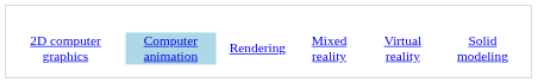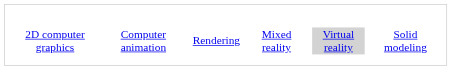 <table style="border:1px solid #ccc; text-align:center; margin:auto;" cellspacing="15">
 <tr>
 <td></td>
 <td></td>
 <td></td>
 <td></td>
 <td></td>
 <td></td>
 </tr>
 <tr>
 <td><a href='#'>2D computer graphics</a></td>
-<td style="background: lightblue;"><a href='#'>Computer animation</a></td>
+<td><a href='#'>Computer animation</a></td>
 <td><a href='#'>Rendering</a></td>
 <td><a href='#'>Mixed reality</a></td>
-<td><a href='#'>Virtual reality</a></td>
+<td style="background: lightgrey;"><a href='#'>Virtual reality</a></td>
 <td><a href='#'>Solid modeling</a></td>
 </tr>
 </table>
